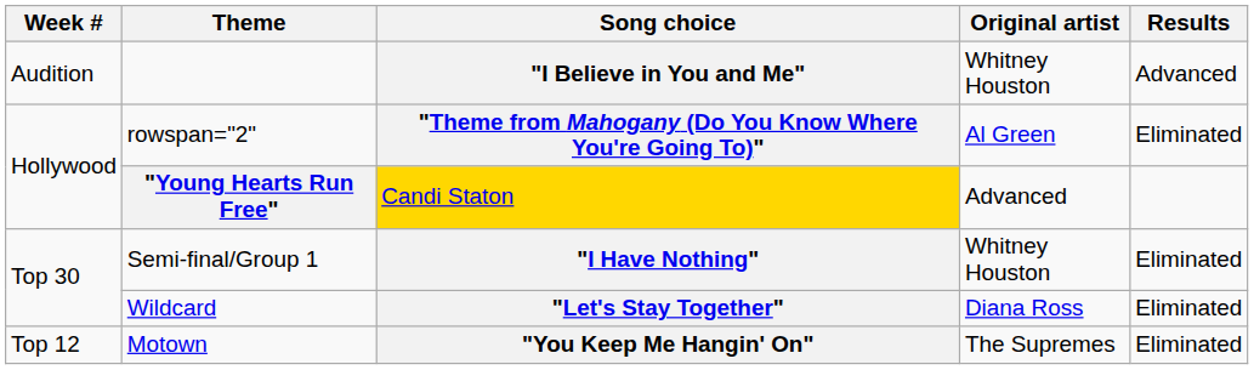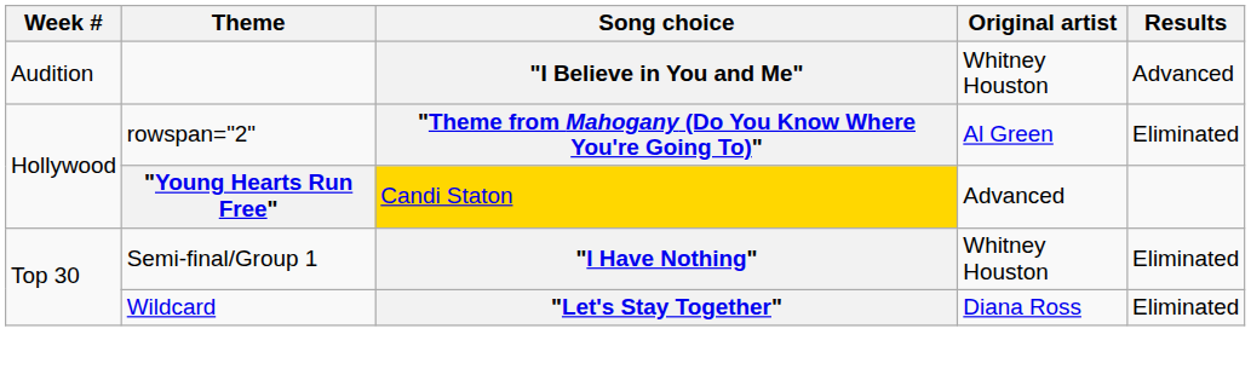 <table class="sortable wikitable plainrowheaders">
 <tr>
 <th scope="col">Week #</th>
 <th scope="col">Theme</th>
 <th scope="col">Song choice</th>
 <th scope="col">Original artist</th>
 <th scope="col">Results</th>
 </tr>
 <tr>
 <td rowspan="1">Audition</td>
 <td></td>
 <th scope="row">"I Believe in You and Me"</th>
 <td>Whitney Houston</td>
 <td>Advanced</td>
 </tr>
 <tr>
 <td rowspan="2">Hollywood</td>
 <td>rowspan="2" </td>
 <th scope="row">"<a href='#'>Theme from <em>Mahogany</em> (Do You Know Where You're Going To)</a>"</th>
 <td><a href='#'>Al Green</a></td>
 <td>Eliminated</td>
 </tr>
 <tr>
 <th scope="row">"<a href='#'>Young Hearts Run Free</a>"</th>
 <td style="background: gold;"><a href='#'>Candi Staton</a></td>
 <td>Advanced</td>
 </tr>
 <tr>
 <td rowspan="2">Top 30</td>
 <td>Semi-final/Group 1</td>
 <th scope="row">"<a href='#'>I Have Nothing</a>"</th>
 <td>Whitney Houston</td>
 <td>Eliminated</td>
 </tr>
 <tr>
 <td><a href='#'>Wildcard</a></td>
 <th scope="row">"<a href='#'>Let's Stay Together</a>"</th>
 <td><a href='#'>Diana Ross</a></td>
 <td>Eliminated</td>
 </tr>
-<tr>
-<td>Top 12</td>
-<td><a href='#'>Motown</a></td>
-<th scope="row">"You Keep Me Hangin' On"</th>
-<td>The Supremes</td>
-<td>Eliminated</td>
-</tr>
 </table>
